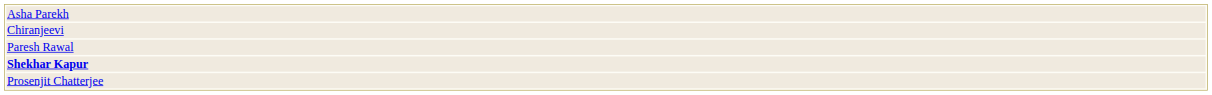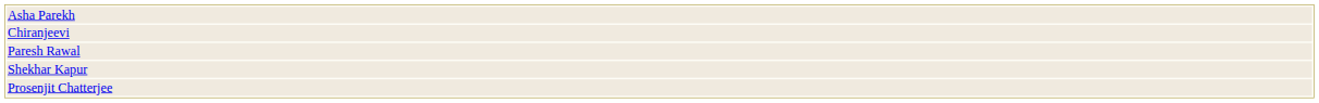 <table style="width:100%;border: 1px solid #BEB168;background-color:#FDFCF6;">
 <tr>
 <td style="background-color:#F0EADF;"> <a href='#'>Asha Parekh</a></td>
 </tr>
 <tr>
 <td style="background-color:#F0EADF;"> <a href='#'>Chiranjeevi</a></td>
 </tr>
 <tr>
 <td style="background-color:#F0EADF;"> <a href='#'>Paresh Rawal</a></td>
 </tr>
 <tr>
-<td style="background-color:#F0EADF;"><strong> <a href='#'>Shekhar Kapur</a></strong></td>
+<td style="background-color:#F0EADF;"> <a href='#'>Shekhar Kapur</a></td>
 </tr>
 <tr>
 <td style="background-color:#F0EADF;"> <a href='#'>Prosenjit Chatterjee</a></td>
 </tr>
 </table>
